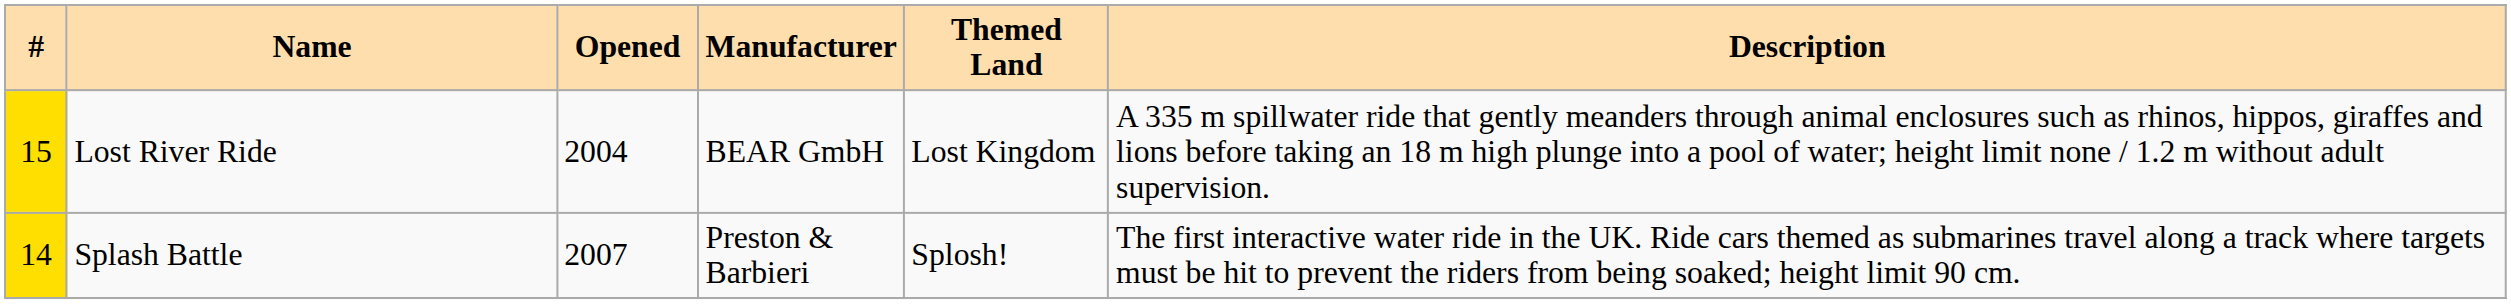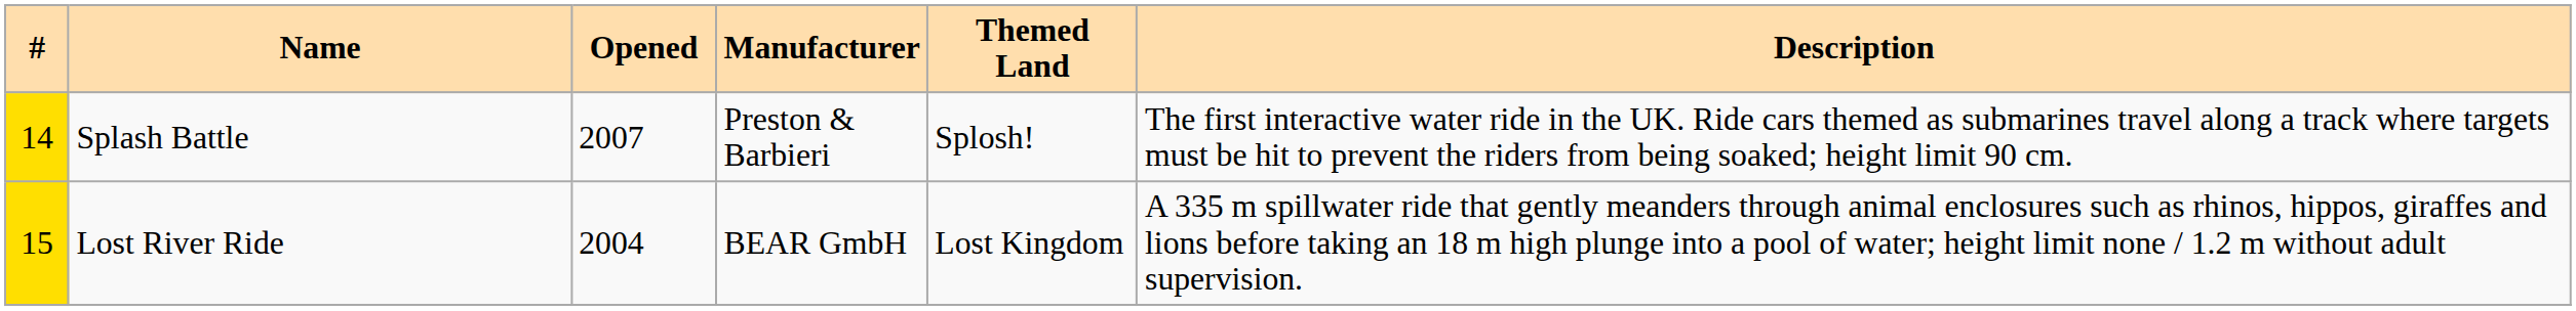 <table class="wikitable" style="width: 100%; font sizes: 95%;">
 <tr>
 <th style="background-color: #FFDEAD; width: 1.5em;">#</th>
 <th style="background-color: #FFDEAD; width: 15em;">Name</th>
 <th style="background-color: #FFDEAD; width: 4em;">Opened</th>
 <th style="background-color: #FFDEAD; width: 6em;">Manufacturer</th>
 <th style="background-color: #FFDEAD; width: 6em;">Themed Land</th>
 <th style="background-color: #FFDEAD;">Description</th>
 </tr>
 <tr>
+<td style="background-color: #FFDF00; text-align: center;">14</td>
+<td>Splash Battle</td>
+<td>2007</td>
+<td>Preston & Barbieri</td>
+<td>Splosh!</td>
+<td>The first interactive water ride in the UK. Ride cars themed as submarines travel along a track where targets must be hit to prevent the riders from being soaked; height limit 90 cm.</td>
+</tr>
+<tr>
 <td style="background-color: #FFDF00; text-align: center;">15</td>
 <td>Lost River Ride</td>
 <td>2004</td>
 <td>BEAR GmbH</td>
 <td>Lost Kingdom</td>
 <td>A 335 m spillwater ride that gently meanders through animal enclosures such as rhinos, hippos, giraffes and lions before taking an 18 m high plunge into a pool of water; height limit none / 1.2 m without adult supervision.</td>
 </tr>
-<tr>
-<td style="background-color: #FFDF00; text-align: center;">14</td>
-<td>Splash Battle</td>
-<td>2007</td>
-<td>Preston & Barbieri</td>
-<td>Splosh!</td>
-<td>The first interactive water ride in the UK. Ride cars themed as submarines travel along a track where targets must be hit to prevent the riders from being soaked; height limit 90 cm.</td>
-</tr>
 <tr duration 20>
 </tr>
 </table>
